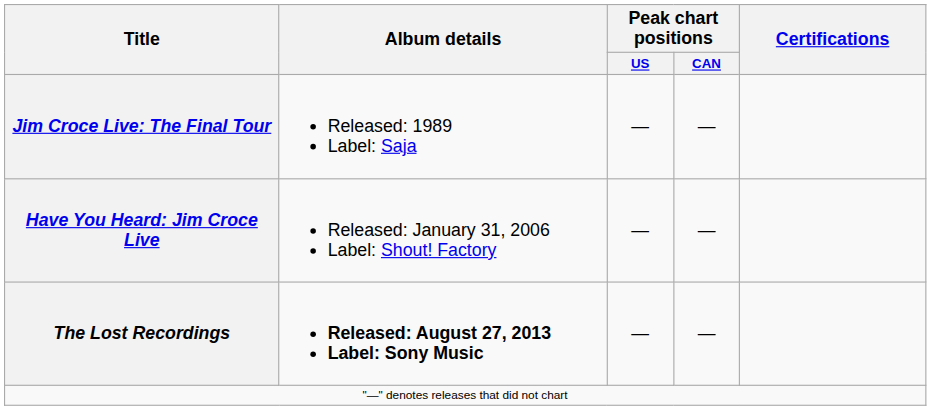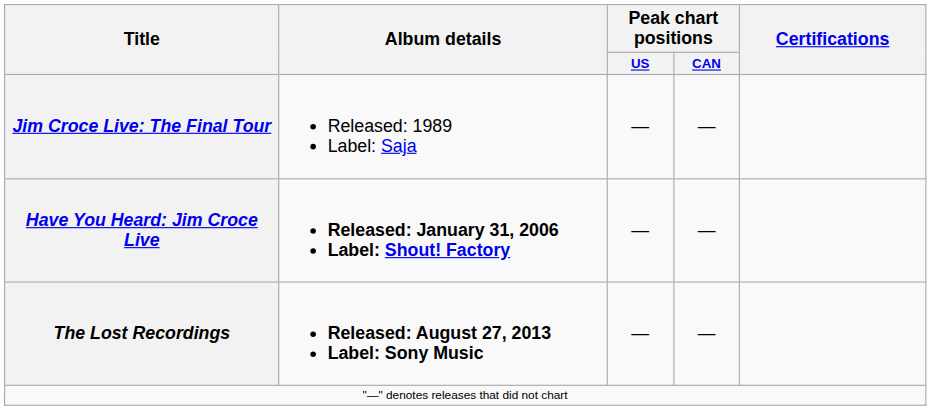 <table class="wikitable plainrowheaders" style="text-align:center;">
 <tr>
 <th scope="col" rowspan="2" style="width:15em;">Title</th>
 <th scope="col" rowspan="2" style="width:18em;">Album details</th>
 <th scope="col" colspan="2">Peak chart positions</th>
 <th scope="col" rowspan="2" style="width:10em;"><a href='#'>Certifications</a></th>
 </tr>
 <tr>
 <th scope="col" style="width:4.5em;font-size:75%;"><a href='#'>US</a></th>
 <th scope="col" style="width:4.5em;font-size:75%;"><a href='#'>CAN</a></th>
 </tr>
 <tr>
 <th scope="row"><em><a href='#'>Jim Croce Live: The Final Tour</a></em></th>
 <td style="text-align:left;"><br><ul><li>Released: 1989</li><li>Label: <a href='#'>Saja</a></li></ul></td>
 <td>—</td>
 <td>—</td>
 <td></td>
 </tr>
 <tr>
 <th scope="row"><em><a href='#'>Have You Heard: Jim Croce Live</a></em></th>
-<td style="text-align:left;"><br><ul><li>Released: January 31, 2006</li><li>Label: <a href='#'>Shout! Factory</a></li></ul></td>
+<td style="text-align:left;"><strong><br><ul><li>Released: January 31, 2006</li><li>Label: <a href='#'>Shout! Factory</a></li></ul></strong></td>
 <td>—</td>
 <td>—</td>
 <td></td>
 </tr>
 <tr>
 <th scope="row"><em>The Lost Recordings</em></th>
 <td style="text-align:left;"><strong><br><ul><li>Released: August 27, 2013</li><li>Label: Sony Music</li></ul></strong></td>
 <td>—</td>
 <td>—</td>
 <td></td>
 </tr>
 <tr>
 <td colspan="8" style="font-size:8pt">"—" denotes releases that did not chart</td>
 </tr>
 </table>
